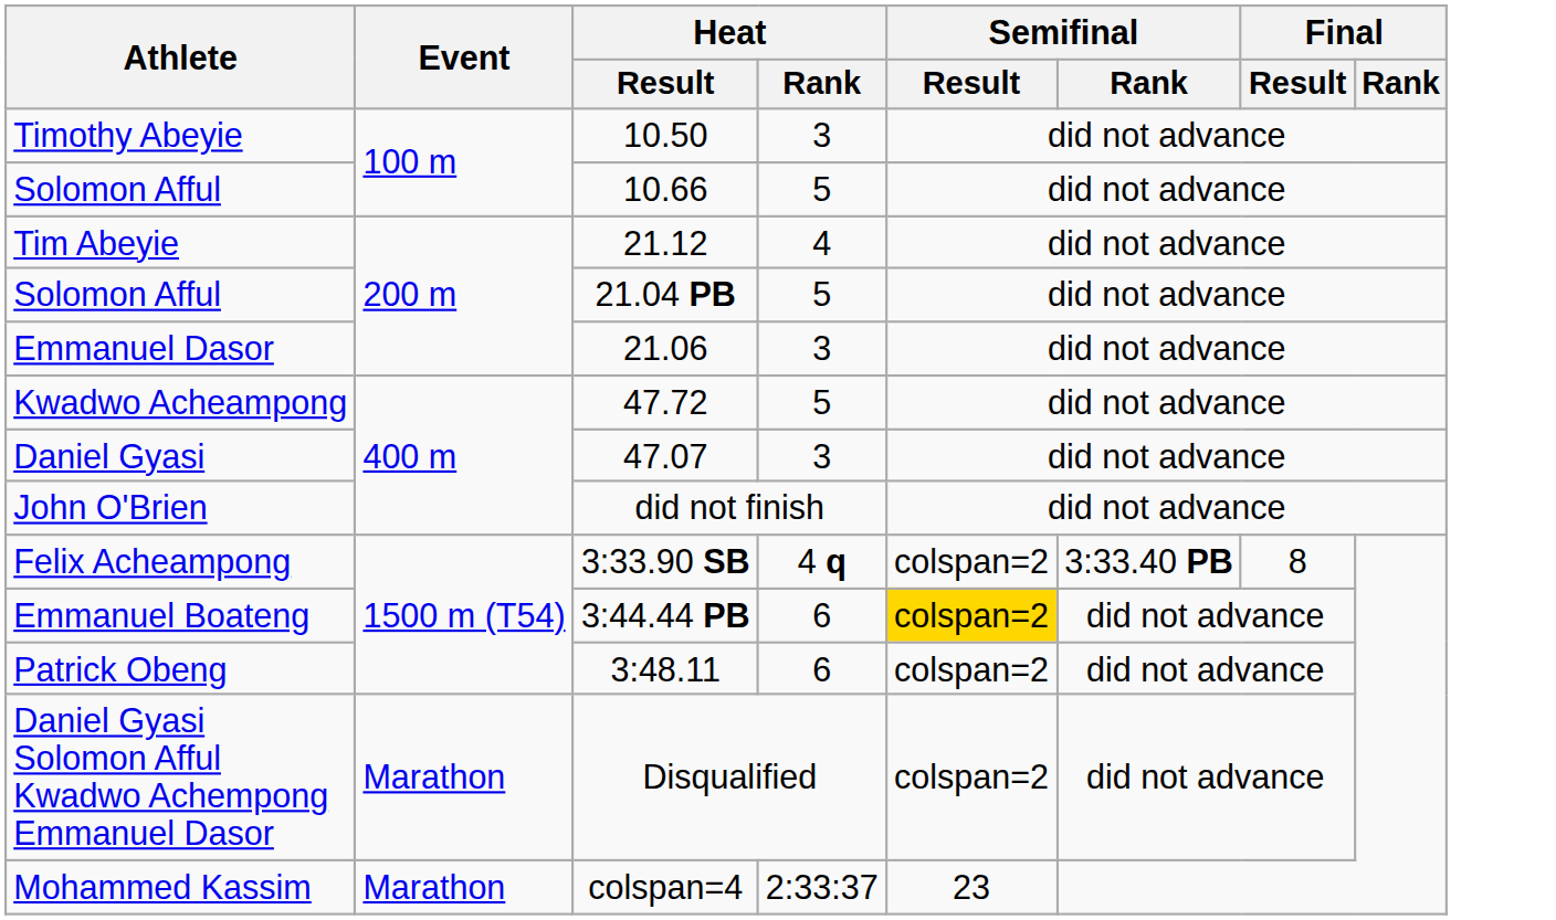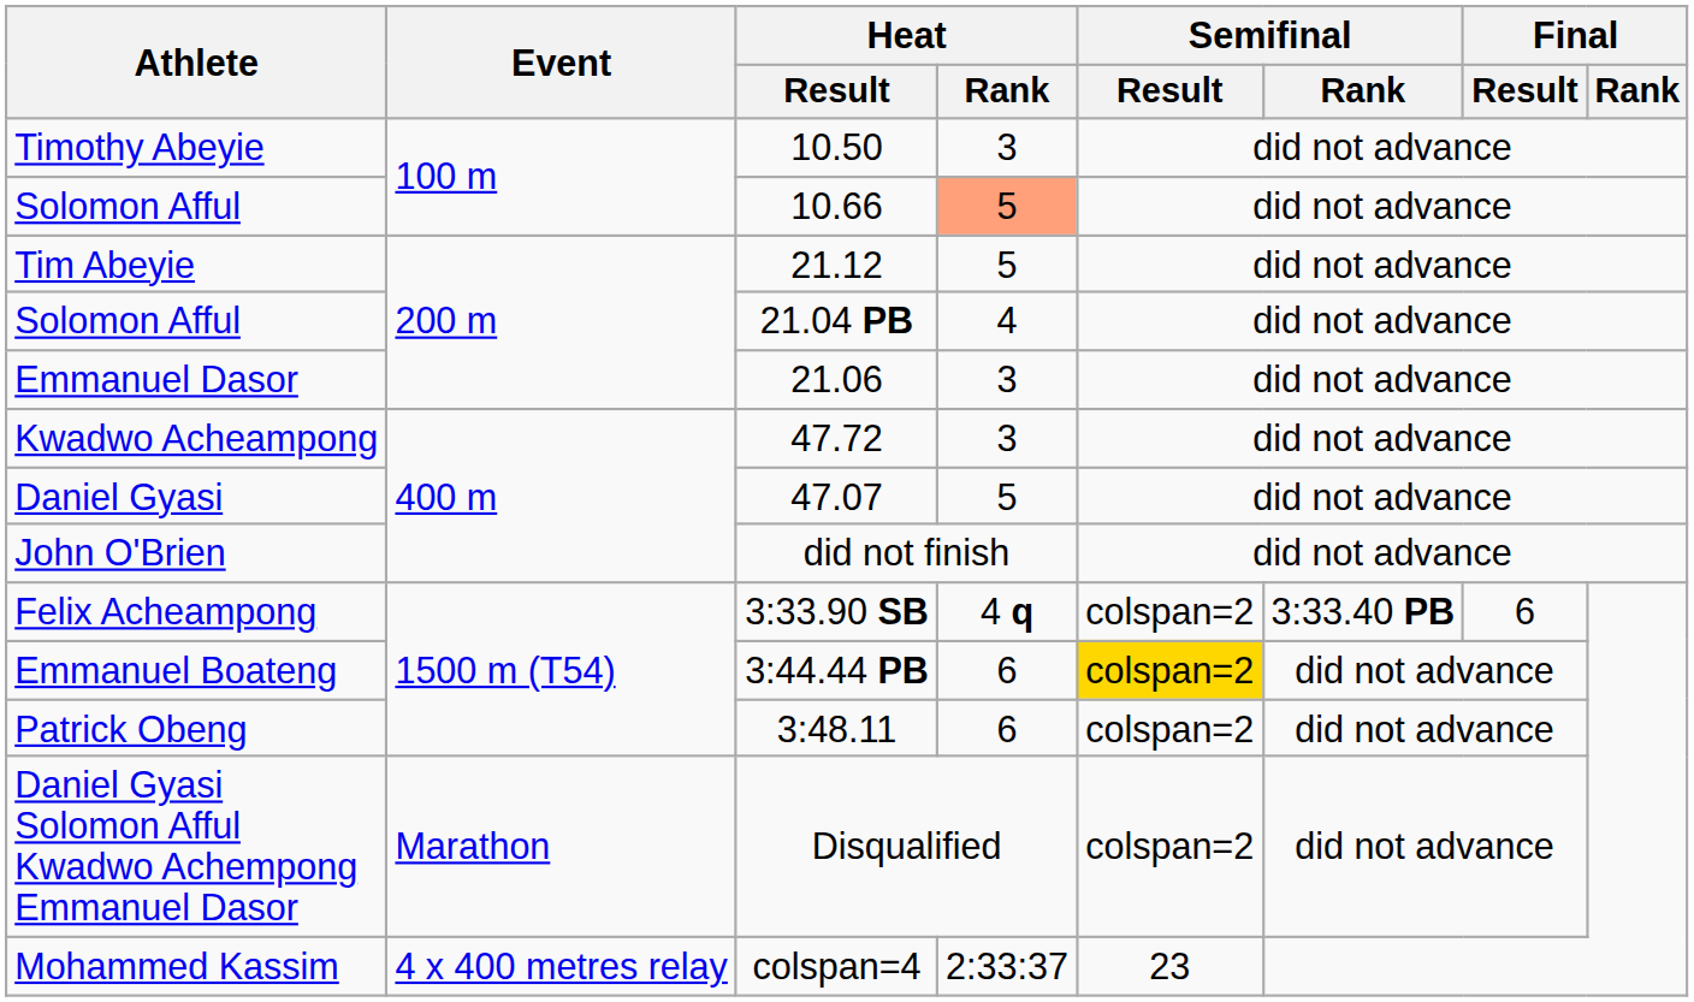 <table class="wikitable" style="font-size:90%">
 <tr>
 <th rowspan=2>Athlete</th>
 <th rowspan=2>Event</th>
 <th colspan=2>Heat</th>
 <th colspan=2>Semifinal</th>
 <th colspan=2>Final</th>
 </tr>
 <tr style="font-size:95%">
 <th>Result</th>
 <th>Rank</th>
 <th>Result</th>
 <th>Rank</th>
 <th>Result</th>
 <th>Rank</th>
 </tr>
 <tr align=center>
 <td align=left><a href='#'>Timothy Abeyie</a></td>
 <td align=left rowspan="2"><a href='#'>100 m</a></td>
 <td>10.50</td>
 <td>3</td>
 <td colspan="4">did not advance</td>
 </tr>
 <tr align=center>
 <td align=left><a href='#'>Solomon Afful</a></td>
 <td>10.66</td>
-<td>5</td>
+<td style="background: lightsalmon;">5</td>
 <td colspan="4">did not advance</td>
 </tr>
 <tr align=center>
 <td align=left><a href='#'>Tim Abeyie</a></td>
 <td align=left rowspan="3"><a href='#'>200 m</a></td>
 <td>21.12</td>
-<td>4</td>
+<td>5</td>
 <td colspan="4">did not advance</td>
 </tr>
 <tr align=center>
 <td align=left><a href='#'>Solomon Afful</a></td>
 <td>21.04 <strong>PB</strong></td>
-<td>5</td>
+<td>4</td>
 <td colspan="4">did not advance</td>
 </tr>
 <tr align=center>
 <td align=left><a href='#'>Emmanuel Dasor</a></td>
 <td>21.06</td>
 <td>3</td>
 <td colspan="4">did not advance</td>
 </tr>
 <tr align=center>
 <td align=left><a href='#'>Kwadwo Acheampong</a></td>
 <td align=left rowspan="3"><a href='#'>400 m</a></td>
 <td>47.72</td>
-<td>5</td>
+<td>3</td>
 <td colspan="4">did not advance</td>
 </tr>
 <tr align=center>
 <td align=left><a href='#'>Daniel Gyasi</a></td>
 <td>47.07</td>
-<td>3</td>
+<td>5</td>
 <td colspan="4">did not advance</td>
 </tr>
 <tr align=center>
 <td align=left><a href='#'>John O'Brien</a></td>
 <td colspan=2>did not finish</td>
 <td colspan="4">did not advance</td>
 </tr>
 <tr align=center>
 <td align=left><a href='#'>Felix Acheampong</a></td>
 <td align=left rowspan=3><a href='#'>1500 m (T54)</a></td>
 <td>3:33.90 <strong>SB</strong></td>
 <td>4 <strong>q</strong></td>
 <td>colspan=2 </td>
 <td>3:33.40 <strong>PB</strong></td>
-<td>8</td>
+<td>6</td>
 </tr>
 <tr align=center>
 <td align=left><a href='#'>Emmanuel Boateng</a></td>
 <td>3:44.44 <strong>PB</strong></td>
 <td>6</td>
 <td style="background: gold;">colspan=2 </td>
 <td colspan="2">did not advance</td>
 </tr>
 <tr align=center>
 <td align=left><a href='#'>Patrick Obeng</a></td>
 <td>3:48.11</td>
 <td>6</td>
 <td>colspan=2 </td>
 <td colspan="2">did not advance</td>
 </tr>
 <tr align=center>
 <td align=left><a href='#'>Daniel Gyasi</a><br><a href='#'>Solomon Afful</a><br><a href='#'>Kwadwo Achempong</a><br><a href='#'>Emmanuel Dasor</a></td>
 <td align=left><a href='#'>Marathon</a></td>
 <td colspan=2>Disqualified</td>
 <td>colspan=2 </td>
 <td colspan=2>did not advance</td>
 </tr>
 <tr align=center>
 <td align=left><a href='#'>Mohammed Kassim</a></td>
-<td align=left><a href='#'>Marathon</a></td>
+<td align=left><a href='#'>4 x 400 metres relay</a></td>
 <td>colspan=4 </td>
 <td>2:33:37</td>
 <td>23</td>
 </tr>
 </table>
